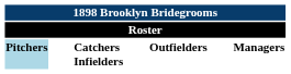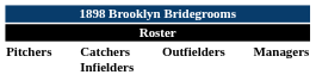 <table class="toccolours" style="font-size: 95%;">
 <tr>
 <th colspan="10" style="background-color: #083c6b; color: white; text-align: center;">1898 Brooklyn Bridegrooms</th>
 </tr>
 <tr>
 <td colspan="10" style="background-color: black; color: white; text-align: center;"><strong>Roster</strong></td>
 </tr>
 <tr>
-<td valign="top" style="background: lightblue;"><strong>Pitchers</strong><br>           </td>
+<td valign="top"><strong>Pitchers</strong><br>           </td>
 <td width="25px"></td>
 <td valign="top"><strong>Catchers</strong><br>  <strong>Infielders</strong>       </td>
 <td width="25px"></td>
 <td valign="top"><strong>Outfielders</strong><br>    </td>
 <td width="25px"></td>
 <td valign="top"><strong>Managers</strong><br>  </td>
 </tr>
 </table>
